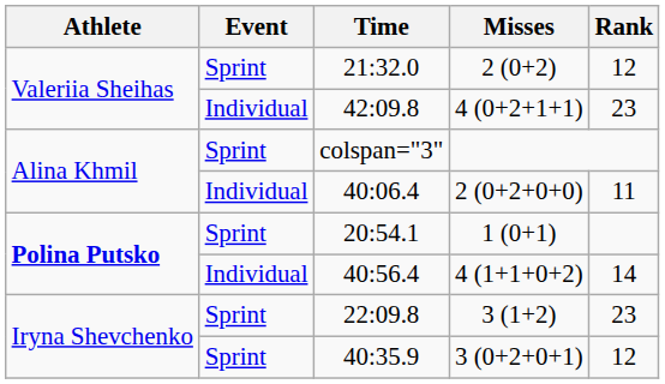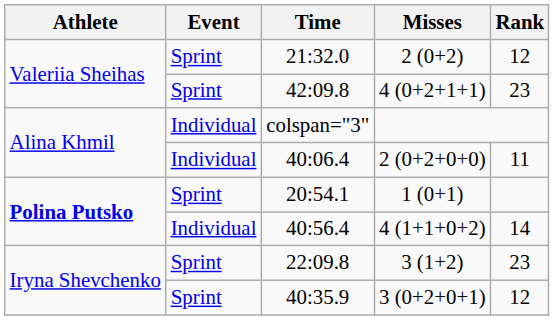 <table class="wikitable" style="font-size:90%">
 <tr>
 <th>Athlete</th>
 <th>Event</th>
 <th>Time</th>
 <th>Misses</th>
 <th>Rank</th>
 </tr>
 <tr align="center">
 <td rowspan="2" align="left"><a href='#'>Valeriia Sheihas</a></td>
 <td align="left"><a href='#'>Sprint</a></td>
 <td>21:32.0</td>
 <td>2 (0+2)</td>
 <td>12</td>
 </tr>
 <tr align="center">
-<td align="left"><a href='#'>Individual</a></td>
+<td align="left"><a href='#'>Sprint</a></td>
 <td>42:09.8</td>
 <td>4 (0+2+1+1)</td>
 <td>23</td>
 </tr>
 <tr align="center">
 <td rowspan="2" align="left"><a href='#'>Alina Khmil</a></td>
-<td align="left"><a href='#'>Sprint</a></td>
+<td align="left"><a href='#'>Individual</a></td>
 <td>colspan="3" </td>
 </tr>
 <tr align="center">
 <td align="left"><a href='#'>Individual</a></td>
 <td>40:06.4</td>
 <td>2 (0+2+0+0)</td>
 <td>11</td>
 </tr>
 <tr align="center">
 <td rowspan="2" align="left"><strong><a href='#'>Polina Putsko</a></strong></td>
 <td align="left"><a href='#'>Sprint</a></td>
 <td>20:54.1</td>
 <td>1 (0+1)</td>
 <td></td>
 </tr>
 <tr align="center">
 <td align="left"><a href='#'>Individual</a></td>
 <td>40:56.4</td>
 <td>4 (1+1+0+2)</td>
 <td>14</td>
 </tr>
 <tr align="center">
 <td rowspan="2" align="left"><a href='#'>Iryna Shevchenko</a></td>
 <td align="left"><a href='#'>Sprint</a></td>
 <td>22:09.8</td>
 <td>3 (1+2)</td>
 <td>23</td>
 </tr>
 <tr align="center">
 <td align="left"><a href='#'>Sprint</a></td>
 <td>40:35.9</td>
 <td>3 (0+2+0+1)</td>
 <td>12</td>
 </tr>
 </table>
